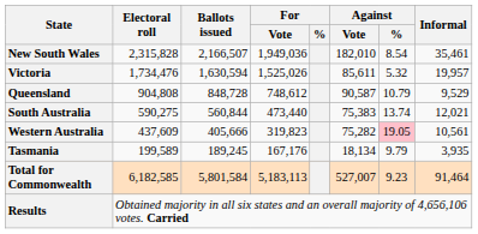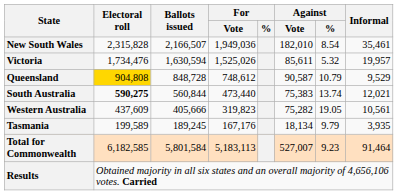 <table class="wikitable">
 <tr align=center>
 <th rowspan="2">State</th>
 <th rowspan="2">Electoral roll</th>
 <th rowspan="2">Ballots issued</th>
 <th align=center colspan="2">For</th>
 <th align=center colspan="2">Against</th>
 <th align=center rowspan="2">Informal</th>
 </tr>
 <tr>
 <th align=center>Vote</th>
 <th align=center>%</th>
 <th align=center>Vote</th>
 <th align=center>%</th>
 </tr>
 <tr align="right">
 <th style="text-align:left;">New South Wales</th>
 <td>2,315,828</td>
 <td>2,166,507</td>
 <td>1,949,036</td>
 <th></th>
 <td>182,010</td>
 <td align="center">8.54</td>
 <td>35,461</td>
 </tr>
 <tr align="right">
 <th style="text-align:left;">Victoria</th>
 <td>1,734,476</td>
 <td>1,630,594</td>
 <td>1,525,026</td>
 <th></th>
 <td>85,611</td>
 <td align="center">5.32</td>
 <td>19,957</td>
 </tr>
 <tr align="right">
 <th style="text-align:left;">Queensland</th>
-<td>904,808</td>
+<td style="background: gold;">904,808</td>
 <td>848,728</td>
 <td>748,612</td>
 <th></th>
 <td>90,587</td>
 <td align="center">10.79</td>
 <td>9,529</td>
 </tr>
 <tr align="right">
 <th style="text-align:left;">South Australia</th>
-<td>590,275</td>
+<td><strong>590,275</strong></td>
 <td>560,844</td>
 <td>473,440</td>
 <th></th>
 <td>75,383</td>
 <td align="center">13.74</td>
 <td>12,021</td>
 </tr>
 <tr align="right">
 <th style="text-align:left;">Western Australia</th>
 <td>437,609</td>
 <td>405,666</td>
 <td>319,823</td>
 <th></th>
 <td>75,282</td>
-<td align="center" style="background: pink;">19.05</td>
+<td align="center">19.05</td>
 <td>10,561</td>
 </tr>
 <tr align="right">
 <th style="text-align:left;">Tasmania</th>
 <td>199,589</td>
 <td>189,245</td>
 <td>167,176</td>
 <th></th>
 <td>18,134</td>
 <td align="center">9.79</td>
 <td>3,935</td>
 </tr>
 <tr bgcolor="#FFE0C0" align="right">
 <th style="text-align:left">Total for Commonwealth</th>
 <td>6,182,585</td>
 <td>5,801,584</td>
 <td>5,183,113</td>
 <th></th>
 <td>527,007</td>
 <td align="center">9.23</td>
 <td>91,464</td>
 </tr>
 <tr>
 <th style="text-align:left;">Results</th>
 <td colspan="8"><em>Obtained majority in all six states and an overall majority of 4,656,106 votes.</em> <strong>Carried</strong></td>
 </tr>
 </table>
